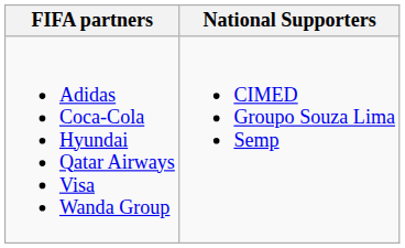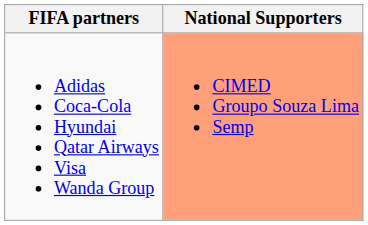 <table class="wikitable sortable">
 <tr>
 <th>FIFA partners</th>
 <th>National Supporters</th>
 </tr>
 <tr>
 <td style="vertical-align:top"><br><ul><li><a href='#'>Adidas</a></li><li><a href='#'>Coca-Cola</a></li><li><a href='#'>Hyundai</a></li><li><a href='#'>Qatar Airways</a></li><li><a href='#'>Visa</a></li><li><a href='#'>Wanda Group</a></li></ul></td>
-<td style="vertical-align:top;"><br><ul><li><a href='#'>CIMED</a></li><li><a href='#'>Groupo Souza Lima</a></li><li><a href='#'>Semp</a></li></ul></td>
+<td style="background: lightsalmon; vertical-align:top;"><br><ul><li><a href='#'>CIMED</a></li><li><a href='#'>Groupo Souza Lima</a></li><li><a href='#'>Semp</a></li></ul></td>
 </tr>
 </table>
